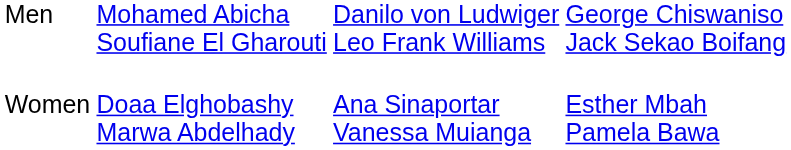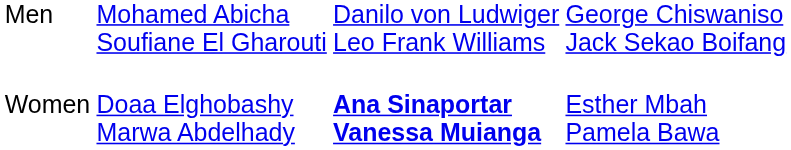 <table>
 <tr>
 <td>Men<br></td>
 <td><br><a href='#'>Mohamed Abicha</a><br><a href='#'>Soufiane El Gharouti</a></td>
 <td><br><a href='#'>Danilo von Ludwiger</a><br><a href='#'>Leo Frank Williams</a></td>
 <td><br><a href='#'>George Chiswaniso</a><br><a href='#'>Jack Sekao Boifang</a></td>
 </tr>
 <tr>
 <td>Women<br></td>
 <td><br><a href='#'>Doaa Elghobashy</a><br><a href='#'>Marwa Abdelhady</a></td>
-<td><br><a href='#'>Ana Sinaportar</a><br><a href='#'>Vanessa Muianga</a></td>
+<td><strong><br><a href='#'>Ana Sinaportar</a><br><a href='#'>Vanessa Muianga</a></strong></td>
 <td><br><a href='#'>Esther Mbah</a><br><a href='#'>Pamela Bawa</a></td>
 </tr>
 </table>
